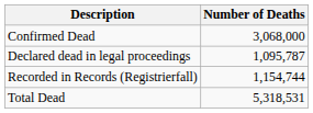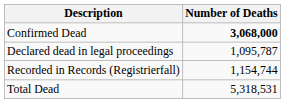 <table class="wikitable"  style="text-align: right;">
 <tr>
 <th>Description</th>
 <th>Number of Deaths</th>
 </tr>
 <tr>
 <td style="text-align: left;">Confirmed Dead</td>
-<td>3,068,000</td>
+<td><strong>3,068,000</strong></td>
 </tr>
 <tr>
 <td style="text-align: left;">Declared dead in legal proceedings</td>
 <td>1,095,787</td>
 </tr>
 <tr>
 <td style="text-align: left;">Recorded in Records (Registrierfall)</td>
 <td>1,154,744</td>
 </tr>
 <tr>
 <td style="text-align: left;">Total Dead</td>
 <td>5,318,531</td>
 </tr>
 </table>
